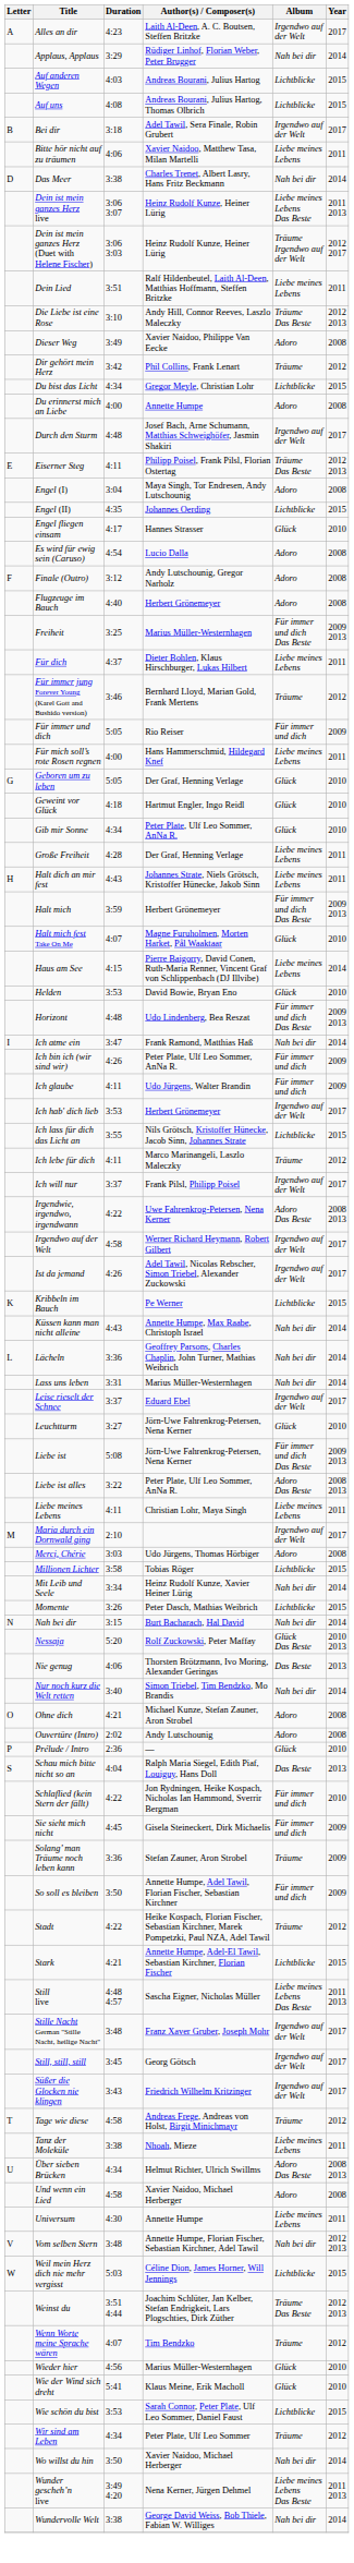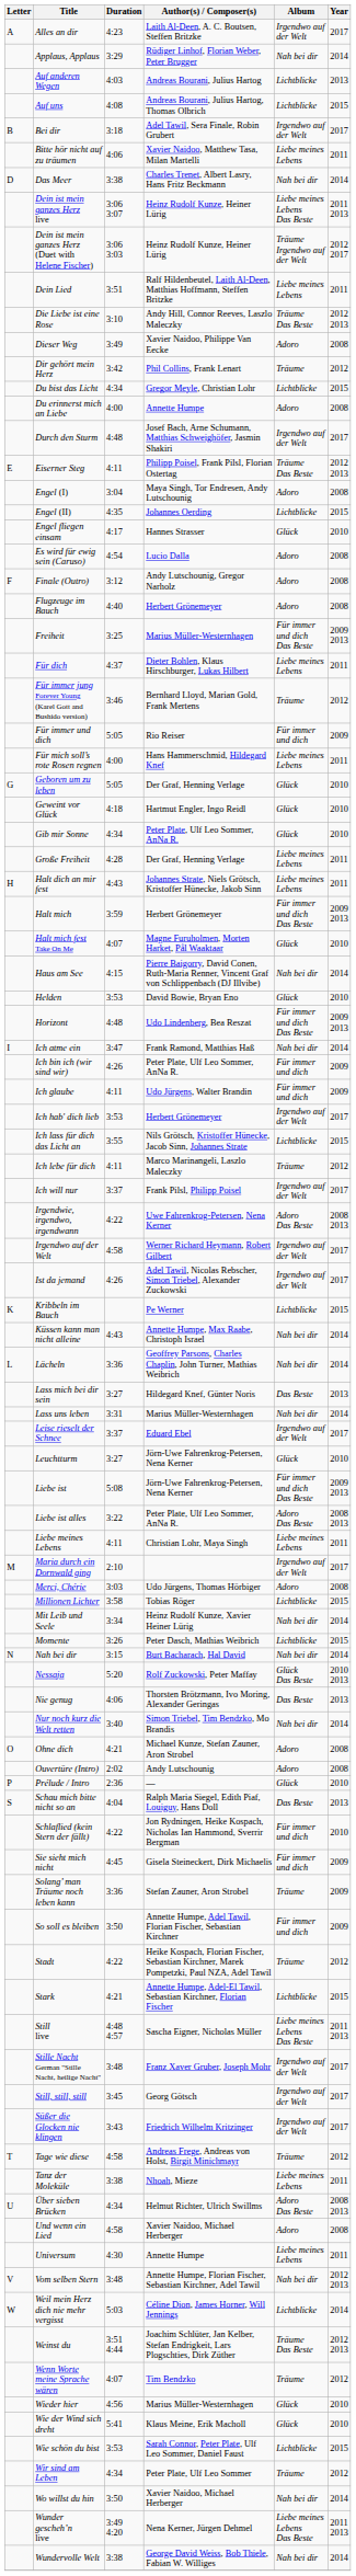 <table class="wikitable sortable">
 <tr>
 <th>Letter</th>
 <th>Title</th>
 <th>Duration</th>
 <th>Author(s) / Composer(s)</th>
 <th>Album</th>
 <th>Year</th>
 </tr>
 <tr>
 <td>A</td>
 <td><em>Alles an dir</em></td>
 <td>4:23</td>
 <td><a href='#'>Laith Al-Deen</a>, A. C. Boutsen, Steffen Britzke</td>
 <td><em>Irgendwo auf der Welt</em></td>
 <td>2017</td>
 </tr>
 <tr>
 <td></td>
 <td><em>Applaus, Applaus</em></td>
 <td>3:29</td>
 <td><a href='#'>Rüdiger Linhof</a>, <a href='#'>Florian Weber</a>, <a href='#'>Peter Brugger</a></td>
 <td><em>Nah bei dir</em></td>
 <td>2014</td>
 </tr>
 <tr>
 <td></td>
 <td><em><a href='#'>Auf anderen Wegen</a></em></td>
 <td>4:03</td>
 <td><a href='#'>Andreas Bourani</a>, Julius Hartog</td>
 <td><em>Lichtblicke</em></td>
-<td>2015</td>
+<td>2013</td>
 </tr>
 <tr>
 <td></td>
 <td><em><a href='#'>Auf uns</a></em></td>
 <td>4:08</td>
 <td><a href='#'>Andreas Bourani</a>, Julius Hartog, Thomas Olbrich</td>
 <td><em>Lichtblicke</em></td>
 <td>2015</td>
 </tr>
 <tr>
 <td>B</td>
 <td><em>Bei dir</em></td>
 <td>3:18</td>
 <td><a href='#'>Adel Tawil</a>, Sera Finale, Robin Grubert</td>
 <td><em>Irgendwo auf der Welt</em></td>
 <td>2017</td>
 </tr>
 <tr>
 <td></td>
 <td><em>Bitte hör nicht auf zu träumen</em></td>
 <td>4:06</td>
 <td><a href='#'>Xavier Naidoo</a>, Matthew Tasa, Milan Martelli</td>
 <td><em>Liebe meines Lebens</em></td>
 <td>2011</td>
 </tr>
 <tr>
 <td>D</td>
 <td><em>Das Meer</em></td>
 <td>3:38</td>
 <td><a href='#'>Charles Trenet</a>, Albert Lasry, Hans Fritz Beckmann</td>
 <td><em>Nah bei dir</em></td>
 <td>2014</td>
 </tr>
 <tr>
 <td></td>
 <td><em><a href='#'>Dein ist mein ganzes Herz</a></em><br>live</td>
 <td>3:06<br>3:07</td>
 <td><a href='#'>Heinz Rudolf Kunze</a>, Heiner Lürig</td>
 <td><em>Liebe meines Lebens</em><br><em>Das Beste</em></td>
 <td>2011<br>2013</td>
 </tr>
 <tr>
 <td></td>
 <td><em>Dein ist mein ganzes Herz</em><br>(Duet with <a href='#'>Helene Fischer</a>)</td>
 <td>3:06<br>3:03</td>
 <td>Heinz Rudolf Kunze, Heiner Lürig</td>
 <td><em>Träume<br>Irgendwo auf der Welt</em></td>
 <td>2012<br>2017</td>
 </tr>
 <tr>
 <td></td>
 <td><em>Dein Lied</em></td>
 <td>3:51</td>
 <td>Ralf Hildenbeutel, <a href='#'>Laith Al-Deen</a>, Matthias Hoffmann, Steffen Britzke</td>
 <td><em>Liebe meines Lebens</em></td>
 <td>2011</td>
 </tr>
 <tr>
 <td></td>
 <td><em>Die Liebe ist eine Rose</em></td>
 <td>3:10</td>
 <td>Andy Hill, Connor Reeves, Laszlo Maleczky</td>
 <td><em>Träume<br>Das Beste</em></td>
 <td>2012<br>2013</td>
 </tr>
 <tr>
 <td></td>
 <td><em>Dieser Weg</em></td>
 <td>3:49</td>
 <td>Xavier Naidoo, Philippe Van Eecke</td>
 <td><em>Adoro</em></td>
 <td>2008</td>
 </tr>
 <tr>
 <td></td>
 <td><em>Dir gehört mein Herz</em></td>
 <td>3:42</td>
 <td><a href='#'>Phil Collins</a>, Frank Lenart</td>
 <td><em>Träume</em></td>
 <td>2012</td>
 </tr>
 <tr>
 <td></td>
 <td><em>Du bist das Licht</em></td>
 <td>4:34</td>
 <td><a href='#'>Gregor Meyle</a>, Christian Lohr</td>
 <td><em>Lichtblicke</em></td>
 <td>2015</td>
 </tr>
 <tr>
 <td></td>
 <td><em>Du erinnerst mich an Liebe</em></td>
 <td>4:00</td>
 <td><a href='#'>Annette Humpe</a></td>
 <td><em>Adoro</em></td>
 <td>2008</td>
 </tr>
 <tr>
 <td></td>
 <td><em>Durch den Sturm</em></td>
 <td>4:48</td>
 <td>Josef Bach, Arne Schumann, <a href='#'>Matthias Schweighöfer</a>, Jasmin Shakiri</td>
 <td><em>Irgendwo auf der Welt</em></td>
 <td>2017</td>
 </tr>
 <tr>
 <td>E</td>
 <td><em>Eiserner Steg</em></td>
 <td>4:11</td>
 <td><a href='#'>Philipp Poisel</a>, Frank Pilsl, Florian Ostertag</td>
 <td><em>Träume<br>Das Beste</em></td>
 <td>2012<br>2013</td>
 </tr>
 <tr>
 <td></td>
 <td><em>Engel</em> (I)</td>
 <td>3:04</td>
 <td>Maya Singh, Tor Endresen, Andy Lutschounig</td>
 <td><em>Adoro</em></td>
 <td>2008</td>
 </tr>
 <tr>
 <td></td>
 <td><em>Engel</em> (II)</td>
 <td>4:35</td>
 <td><a href='#'>Johannes Oerding</a></td>
 <td><em>Lichtblicke</em></td>
 <td>2015</td>
 </tr>
 <tr>
 <td></td>
 <td><em>Engel fliegen einsam</em></td>
 <td>4:17</td>
 <td>Hannes Strasser</td>
 <td><em>Glück</em></td>
 <td>2010</td>
 </tr>
 <tr>
 <td></td>
 <td><em>Es wird für ewig sein (Caruso)</em></td>
 <td>4:54</td>
 <td><a href='#'>Lucio Dalla</a></td>
 <td><em>Adoro</em></td>
 <td>2008</td>
 </tr>
 <tr>
 <td>F</td>
 <td><em>Finale (Outro)</em></td>
 <td>3:12</td>
 <td>Andy Lutschounig, Gregor Narholz</td>
 <td><em>Adoro</em></td>
 <td>2008</td>
 </tr>
 <tr>
 <td></td>
 <td><em>Flugzeuge im Bauch</em></td>
 <td>4:40</td>
 <td><a href='#'>Herbert Grönemeyer</a></td>
 <td><em>Adoro</em></td>
 <td>2008</td>
 </tr>
 <tr>
 <td></td>
 <td><em>Freiheit</em></td>
 <td>3:25</td>
 <td><a href='#'>Marius Müller-Westernhagen</a></td>
 <td><em>Für immer und dich<br>Das Beste</em></td>
 <td>2009<br>2013</td>
 </tr>
 <tr>
 <td></td>
 <td><em><a href='#'>Für dich</a></em></td>
 <td>4:37</td>
 <td><a href='#'>Dieter Bohlen</a>, Klaus Hirschburger, <a href='#'>Lukas Hilbert</a></td>
 <td><em>Liebe meines Lebens</em></td>
 <td>2011</td>
 </tr>
 <tr>
 <td></td>
 <td><em><a href='#'>Für immer jung</a></em> <br><small><a href='#'>Forever Young</a> <br>(Karel Gott and Bushido version)</small></td>
 <td>3:46</td>
 <td>Bernhard Lloyd, Marian Gold, Frank Mertens</td>
 <td><em>Träume</em></td>
 <td>2012</td>
 </tr>
 <tr>
 <td></td>
 <td><em>Für immer und dich</em></td>
 <td>5:05</td>
 <td>Rio Reiser</td>
 <td><em>Für immer und dich</em></td>
 <td>2009</td>
 </tr>
 <tr>
 <td></td>
 <td><em>Für mich soll’s rote Rosen regnen</em></td>
 <td>4:00</td>
 <td>Hans Hammerschmid, <a href='#'>Hildegard Knef</a></td>
 <td><em>Liebe meines Lebens</em></td>
 <td>2011</td>
 </tr>
 <tr>
 <td>G</td>
 <td><em><a href='#'>Geboren um zu leben</a></em></td>
 <td>5:05</td>
 <td>Der Graf, Henning Verlage</td>
 <td><em>Glück</em></td>
 <td>2010</td>
 </tr>
 <tr>
 <td></td>
 <td><em>Geweint vor Glück</em></td>
 <td>4:18</td>
 <td>Hartmut Engler, Ingo Reidl</td>
 <td><em>Glück</em></td>
 <td>2010</td>
 </tr>
 <tr>
 <td></td>
 <td><em>Gib mir Sonne</em></td>
 <td>4:34</td>
 <td><a href='#'>Peter Plate</a>, Ulf Leo Sommer, <a href='#'>AnNa R.</a></td>
 <td><em>Glück</em></td>
 <td>2010</td>
 </tr>
 <tr>
 <td></td>
 <td><em>Große Freiheit</em></td>
 <td>4:28</td>
 <td>Der Graf, Henning Verlage</td>
 <td><em>Liebe meines Lebens</em></td>
 <td>2011</td>
 </tr>
 <tr>
 <td>H</td>
 <td><em>Halt dich an mir fest</em></td>
 <td>4:43</td>
 <td><a href='#'>Johannes Strate</a>, Niels Grötsch, Kristoffer Hünecke, Jakob Sinn</td>
 <td><em>Liebe meines Lebens</em></td>
 <td>2011</td>
 </tr>
 <tr>
 <td></td>
 <td><em>Halt mich</em></td>
 <td>3:59</td>
 <td>Herbert Grönemeyer</td>
 <td><em>Für immer und dich<br>Das Beste</em></td>
 <td>2009<br>2013</td>
 </tr>
 <tr>
 <td></td>
 <td><em><a href='#'>Halt mich fest</a></em><br><small><a href='#'>Take On Me</a></small></td>
 <td>4:07</td>
 <td><a href='#'>Magne Furuholmen</a>, <a href='#'>Morten Harket</a>, <a href='#'>Pål Waaktaar</a></td>
 <td><em>Glück</em></td>
 <td>2010</td>
 </tr>
 <tr>
 <td></td>
 <td><em>Haus am See</em></td>
 <td>4:15</td>
 <td><a href='#'>Pierre Baigorry</a>, David Conen, Ruth-Maria Renner, Vincent Graf von Schlippenbach (DJ Illvibe)</td>
-<td><em>Liebe meines Lebens</em></td>
+<td><em>Nah bei dir</em></td>
 <td>2014</td>
 </tr>
 <tr>
 <td></td>
 <td><em>Helden</em></td>
 <td>3:53</td>
 <td>David Bowie, Bryan Eno</td>
 <td><em>Glück</em></td>
 <td>2010</td>
 </tr>
 <tr>
 <td></td>
 <td><em>Horizont</em></td>
 <td>4:48</td>
 <td><a href='#'>Udo Lindenberg</a>, Bea Reszat</td>
 <td><em>Für immer und dich<br>Das Beste</em></td>
 <td>2009<br>2013</td>
 </tr>
 <tr>
 <td>I</td>
 <td><em>Ich atme ein</em></td>
 <td>3:47</td>
 <td>Frank Ramond, Matthias Haß</td>
 <td><em>Nah bei dir</em></td>
 <td>2014</td>
 </tr>
 <tr>
 <td></td>
 <td><em>Ich bin ich (wir sind wir)</em></td>
 <td>4:26</td>
 <td>Peter Plate, Ulf Leo Sommer, AnNa R.</td>
 <td><em>Für immer und dich</em></td>
 <td>2009</td>
 </tr>
 <tr>
 <td></td>
 <td><em>Ich glaube</em></td>
 <td>4:11</td>
 <td><a href='#'>Udo Jürgens</a>, Walter Brandin</td>
 <td><em>Für immer und dich</em></td>
 <td>2009</td>
 </tr>
 <tr>
 <td></td>
 <td><em>Ich hab' dich lieb</em></td>
 <td>3:53</td>
 <td><a href='#'>Herbert Grönemeyer</a></td>
 <td><em>Irgendwo auf der Welt</em></td>
 <td>2017</td>
 </tr>
 <tr>
 <td></td>
 <td><em>Ich lass für dich das Licht an</em></td>
 <td>3:55</td>
 <td>Nils Grötsch, <a href='#'>Kristoffer Hünecke</a>, Jacob Sinn, <a href='#'>Johannes Strate</a></td>
 <td><em>Lichtblicke</em></td>
 <td>2015</td>
 </tr>
 <tr>
 <td></td>
 <td><em>Ich lebe für dich</em></td>
 <td>4:11</td>
 <td>Marco Marinangeli, Laszlo Maleczky</td>
 <td><em>Träume</em></td>
 <td>2012</td>
 </tr>
 <tr>
 <td></td>
 <td><em>Ich will nur</em></td>
 <td>3:37</td>
 <td>Frank Pilsl, <a href='#'>Philipp Poisel</a></td>
 <td><em>Irgendwo auf der Welt</em></td>
 <td>2017</td>
 </tr>
 <tr>
 <td></td>
 <td><em>Irgendwie, irgendwo, irgendwann</em></td>
 <td>4:22</td>
 <td><a href='#'>Uwe Fahrenkrog-Petersen</a>, <a href='#'>Nena Kerner</a></td>
 <td><em>Adoro<br>Das Beste</em></td>
 <td>2008<br>2013</td>
 </tr>
 <tr>
 <td></td>
 <td><em>Irgendwo auf der Welt</em></td>
 <td>4:58</td>
 <td><a href='#'>Werner Richard Heymann</a>, <a href='#'>Robert Gilbert</a></td>
 <td><em>Irgendwo auf der Welt</em></td>
 <td>2017</td>
 </tr>
 <tr>
 <td></td>
 <td><em>Ist da jemand</em></td>
 <td>4:26</td>
 <td><a href='#'>Adel Tawil</a>, Nicolas Rebscher, <a href='#'>Simon Triebel</a>, Alexander Zuckowski</td>
 <td><em>Irgendwo auf der Welt</em></td>
 <td>2017</td>
 </tr>
 <tr>
 <td>K</td>
 <td><em>Kribbeln im Bauch</em></td>
 <td></td>
 <td><a href='#'>Pe Werner</a></td>
 <td><em>Lichtblicke</em></td>
 <td>2015</td>
 </tr>
 <tr>
 <td></td>
 <td><em>Küssen kann man nicht alleine</em></td>
 <td>4:43</td>
 <td><a href='#'>Annette Humpe</a>, <a href='#'>Max Raabe</a>, Christoph Israel</td>
 <td><em>Nah bei dir</em></td>
 <td>2014</td>
 </tr>
 <tr>
 <td>L</td>
 <td><em>Lächeln</em></td>
 <td>3:36</td>
 <td><a href='#'>Geoffrey Parsons</a>, <a href='#'>Charles Chaplin</a>, John Turner, Mathias Weibrich</td>
 <td><em>Nah bei dir</em></td>
 <td>2014</td>
+</tr>
+<tr>
+<td></td>
+<td><em>Lass mich bei dir sein</em></td>
+<td>3:27</td>
+<td>Hildegard Knef, Günter Noris</td>
+<td><em>Das Beste</em></td>
+<td>2013</td>
 </tr>
 <tr>
 <td></td>
 <td><em>Lass uns leben</em></td>
 <td>3:31</td>
 <td>Marius Müller-Westernhagen</td>
 <td><em>Nah bei dir</em></td>
 <td>2014</td>
 </tr>
 <tr>
 <td></td>
 <td><em><a href='#'>Leise rieselt der Schnee</a></em></td>
 <td>3:37</td>
 <td><a href='#'>Eduard Ebel</a></td>
 <td><em>Irgendwo auf der Welt</em></td>
 <td>2017</td>
 </tr>
 <tr>
 <td></td>
 <td><em>Leuchtturm</em></td>
 <td>3:27</td>
 <td>Jörn-Uwe Fahrenkrog-Petersen, Nena Kerner</td>
 <td><em>Glück</em></td>
 <td>2010</td>
 </tr>
 <tr>
 <td></td>
 <td><em>Liebe ist</em></td>
 <td>5:08</td>
 <td>Jörn-Uwe Fahrenkrog-Petersen, Nena Kerner</td>
 <td><em>Für immer und dich<br>Das Beste</em></td>
 <td>2009<br>2013</td>
 </tr>
 <tr>
 <td></td>
 <td><em>Liebe ist alles</em></td>
 <td>3:22</td>
 <td>Peter Plate, Ulf Leo Sommer, AnNa R.</td>
 <td><em>Adoro<br>Das Beste</em></td>
 <td>2008<br>2013</td>
 </tr>
 <tr>
 <td></td>
 <td><em>Liebe meines Lebens</em></td>
 <td>4:11</td>
 <td>Christian Lohr, Maya Singh</td>
 <td><em>Liebe meines Lebens</em></td>
 <td>2011</td>
 </tr>
 <tr>
 <td>M</td>
 <td><em><a href='#'>Maria durch ein Dornwald ging</a></em></td>
 <td>2:10</td>
 <td></td>
 <td><em>Irgendwo auf der Welt</em></td>
 <td>2017</td>
 </tr>
 <tr>
 <td></td>
 <td><em><a href='#'>Merci, Chérie</a></em></td>
 <td>3:03</td>
 <td>Udo Jürgens, Thomas Hörbiger</td>
 <td><em>Adoro</em></td>
 <td>2008</td>
 </tr>
 <tr>
 <td></td>
 <td><em><a href='#'>Millionen Lichter</a></em></td>
 <td>3:58</td>
 <td>Tobias Röger</td>
 <td><em>Lichtblicke</em></td>
 <td>2015</td>
 </tr>
 <tr>
 <td></td>
 <td><em>Mit Leib und Seele</em></td>
 <td>3:34</td>
 <td>Heinz Rudolf Kunze, Xavier Heiner Lürig</td>
 <td><em>Nah bei dir</em></td>
 <td>2014</td>
 </tr>
 <tr>
 <td></td>
 <td><em>Momente</em></td>
 <td>3:26</td>
 <td>Peter Dasch, Mathias Weibrich</td>
 <td><em>Lichtblicke</em></td>
 <td>2015</td>
 </tr>
 <tr>
 <td>N</td>
 <td><em>Nah bei dir</em></td>
 <td>3:15</td>
 <td><a href='#'>Burt Bacharach</a>, <a href='#'>Hal David</a></td>
 <td><em>Nah bei dir</em></td>
 <td>2014</td>
 </tr>
 <tr>
 <td></td>
 <td><em><a href='#'>Nessaja</a></em></td>
 <td>5:20</td>
 <td><a href='#'>Rolf Zuckowski</a>, Peter Maffay</td>
 <td><em>Glück<br>Das Beste</em></td>
 <td>2010<br>2013</td>
 </tr>
 <tr>
 <td></td>
 <td><em>Nie genug</em></td>
 <td>4:06</td>
 <td>Thorsten Brötzmann, Ivo Moring, Alexander Geringas</td>
 <td><em>Das Beste</em></td>
 <td>2013</td>
 </tr>
 <tr>
 <td></td>
 <td><em><a href='#'>Nur noch kurz die Welt retten</a></em></td>
 <td>3:40</td>
 <td><a href='#'>Simon Triebel</a>, <a href='#'>Tim Bendzko</a>, Mo Brandis</td>
 <td><em>Nah bei dir</em></td>
 <td>2014</td>
 </tr>
 <tr>
 <td>O</td>
 <td><em>Ohne dich</em></td>
 <td>4:21</td>
 <td>Michael Kunze, Stefan Zauner, Aron Strobel</td>
 <td><em>Adoro</em></td>
 <td>2008</td>
 </tr>
 <tr>
 <td></td>
 <td><em>Ouvertüre (Intro)</em></td>
 <td>2:02</td>
 <td>Andy Lutschounig</td>
 <td><em>Adoro</em></td>
 <td>2008</td>
 </tr>
 <tr>
 <td>P</td>
 <td><em>Prélude / Intro</em></td>
 <td>2:36</td>
 <td>—</td>
 <td><em>Glück</em></td>
 <td>2010</td>
 </tr>
 <tr>
 <td>S</td>
 <td><em>Schau mich bitte nicht so an</em></td>
 <td>4:04</td>
 <td>Ralph Maria Siegel, Edith Piaf, <a href='#'>Louiguy</a>, Hans Doll</td>
 <td><em>Das Beste</em></td>
 <td>2013</td>
 </tr>
 <tr>
 <td></td>
 <td><em>Schlaflied (kein Stern der fällt)</em></td>
 <td>4:22</td>
 <td>Jon Rydningen, Heike Kospach, Nicholas Ian Hammond, Sverrir Bergman</td>
 <td><em>Für immer und dich</em></td>
 <td>2010</td>
 </tr>
 <tr>
 <td></td>
 <td><em>Sie sieht mich nicht</em></td>
 <td>4:45</td>
 <td>Gisela Steineckert, Dirk Michaelis</td>
 <td><em>Für immer und dich</em></td>
 <td>2009</td>
 </tr>
 <tr>
 <td></td>
 <td><em>Solang’ man Träume noch leben kann</em></td>
 <td>3:36</td>
 <td>Stefan Zauner, Aron Strobel</td>
 <td><em>Träume</em></td>
 <td>2009</td>
 </tr>
 <tr>
 <td></td>
 <td><em>So soll es bleiben</em></td>
 <td>3:50</td>
 <td>Annette Humpe, <a href='#'>Adel Tawil</a>, Florian Fischer, Sebastian Kirchner</td>
 <td><em>Für immer und dich</em></td>
 <td>2009</td>
 </tr>
 <tr>
 <td></td>
 <td><em>Stadt</em></td>
 <td>4:22</td>
 <td>Heike Kospach, Florian Fischer, Sebastian Kirchner, Marek Pompetzki, Paul NZA, Adel Tawil</td>
 <td><em>Träume</em></td>
 <td>2012</td>
 </tr>
 <tr>
 <td></td>
 <td><em>Stark</em></td>
 <td>4:21</td>
 <td><a href='#'>Annette Humpe</a>, <a href='#'>Adel-El Tawil</a>, Sebastian Kirchner, <a href='#'>Florian Fischer</a></td>
 <td><em>Lichtblicke</em></td>
 <td>2015</td>
 </tr>
 <tr>
 <td></td>
 <td><em>Still</em><br>live</td>
 <td>4:48<br>4:57</td>
 <td>Sascha Eigner, Nicholas Müller</td>
 <td><em>Liebe meines Lebens</em><br><em>Das Beste</em></td>
 <td>2011<br>2013</td>
 </tr>
 <tr>
 <td></td>
 <td><em><a href='#'>Stille Nacht</a></em> <br><small>German "Stille Nacht, heilige Nacht"</small></td>
 <td>3:48</td>
 <td><a href='#'>Franz Xaver Gruber</a>, <a href='#'>Joseph Mohr</a></td>
 <td><em>Irgendwo auf der Welt</em></td>
 <td>2017</td>
 </tr>
 <tr>
 <td></td>
 <td><em><a href='#'>Still, still, still</a></em></td>
 <td>3:45</td>
 <td>Georg Götsch</td>
 <td><em>Irgendwo auf der Welt</em></td>
 <td>2017</td>
 </tr>
 <tr>
 <td></td>
 <td><em><a href='#'>Süßer die Glocken nie klingen</a></em></td>
 <td>3:43</td>
 <td><a href='#'>Friedrich Wilhelm Kritzinger</a></td>
 <td><em>Irgendwo auf der Welt</em></td>
 <td>2017</td>
 </tr>
 <tr>
 <td>T</td>
 <td><em>Tage wie diese</em></td>
 <td>4:58</td>
 <td><a href='#'>Andreas Frege</a>, Andreas von Holst, <a href='#'>Birgit Minichmayr</a></td>
 <td><em>Träume</em></td>
 <td>2012</td>
 </tr>
 <tr>
 <td></td>
 <td><em>Tanz der Moleküle</em></td>
 <td>3:38</td>
 <td><a href='#'>Nhoah</a>, Mieze</td>
 <td><em>Liebe meines Lebens</em></td>
 <td>2011</td>
 </tr>
 <tr>
 <td>U</td>
 <td><em>Über sieben Brücken</em></td>
 <td>4:34</td>
 <td>Helmut Richter, Ulrich Swillms</td>
 <td><em>Adoro<br>Das Beste</em></td>
 <td>2008<br>2013</td>
 </tr>
 <tr>
 <td></td>
 <td><em>Und wenn ein Lied</em></td>
 <td>4:58</td>
 <td>Xavier Naidoo, Michael Herberger</td>
 <td><em>Adoro</em></td>
 <td>2008</td>
 </tr>
 <tr>
 <td></td>
 <td><em>Universum</em></td>
 <td>4:30</td>
 <td>Annette Humpe</td>
 <td><em>Liebe meines Lebens</em></td>
 <td>2011</td>
 </tr>
 <tr>
 <td>V</td>
 <td><em>Vom selben Stern</em></td>
 <td>3:48</td>
 <td>Annette Humpe, Florian Fischer, Sebastian Kirchner, Adel Tawil</td>
 <td><em>Nah bei dir</em></td>
 <td>2012<br>2013</td>
 </tr>
 <tr>
 <td>W</td>
 <td><em>Weil mein Herz dich nie mehr vergisst</em></td>
 <td>5:03</td>
 <td><a href='#'>Céline Dion</a>, <a href='#'>James Horner</a>, <a href='#'>Will Jennings</a></td>
 <td><em>Lichtblicke</em></td>
-<td>2015</td>
+<td>2014</td>
 </tr>
 <tr>
 <td></td>
 <td><em>Weinst du</em></td>
 <td>3:51<br>4:44</td>
 <td>Joachim Schlüter, Jan Kelber, Stefan Endrigkeit, Lars Plogschties, Dirk Züther</td>
 <td><em>Träume<br>Das Beste</em></td>
 <td>2012<br>2013</td>
 </tr>
 <tr>
 <td></td>
 <td><em><a href='#'>Wenn Worte meine Sprache wären</a></em></td>
 <td>4:07</td>
 <td><a href='#'>Tim Bendzko</a></td>
 <td><em>Träume</em></td>
 <td>2012</td>
 </tr>
 <tr>
 <td></td>
 <td><em>Wieder hier</em></td>
 <td>4:56</td>
 <td>Marius Müller-Westernhagen</td>
 <td><em>Glück</em></td>
 <td>2010</td>
 </tr>
 <tr>
 <td></td>
 <td><em>Wie der Wind sich dreht</em></td>
 <td>5:41</td>
 <td>Klaus Meine, Erik Macholl</td>
 <td><em>Glück</em></td>
 <td>2010</td>
 </tr>
 <tr>
 <td></td>
 <td><em>Wie schön du bist</em></td>
 <td>3:53</td>
 <td><a href='#'>Sarah Connor</a>, <a href='#'>Peter Plate</a>, Ulf Leo Sommer, Daniel Faust</td>
 <td><em>Lichtblicke</em></td>
 <td>2015</td>
 </tr>
 <tr>
 <td></td>
 <td><em><a href='#'>Wir sind am Leben</a></em></td>
 <td>4:34</td>
 <td>Peter Plate, Ulf Leo Sommer</td>
 <td><em>Träume</em></td>
 <td>2012</td>
 </tr>
 <tr>
 <td></td>
 <td><em>Wo willst du hin</em></td>
 <td>3:50</td>
 <td>Xavier Naidoo, Michael Herberger</td>
 <td><em>Nah bei dir</em></td>
 <td>2014</td>
 </tr>
 <tr>
 <td></td>
 <td><em>Wunder gescheh’n</em><br>live</td>
 <td>3:49<br>4:20</td>
 <td>Nena Kerner, Jürgen Dehmel</td>
 <td><em>Liebe meines Lebens</em><br><em>Das Beste</em></td>
 <td>2011<br>2013</td>
 </tr>
 <tr>
 <td></td>
 <td><em>Wundervolle Welt</em></td>
 <td>3:38</td>
 <td><a href='#'>George David Weiss</a>, <a href='#'>Bob Thiele</a>, Fabian W. Williges</td>
 <td><em>Nah bei dir</em></td>
 <td>2014</td>
 </tr>
 <tr>
 </tr>
 </table>
